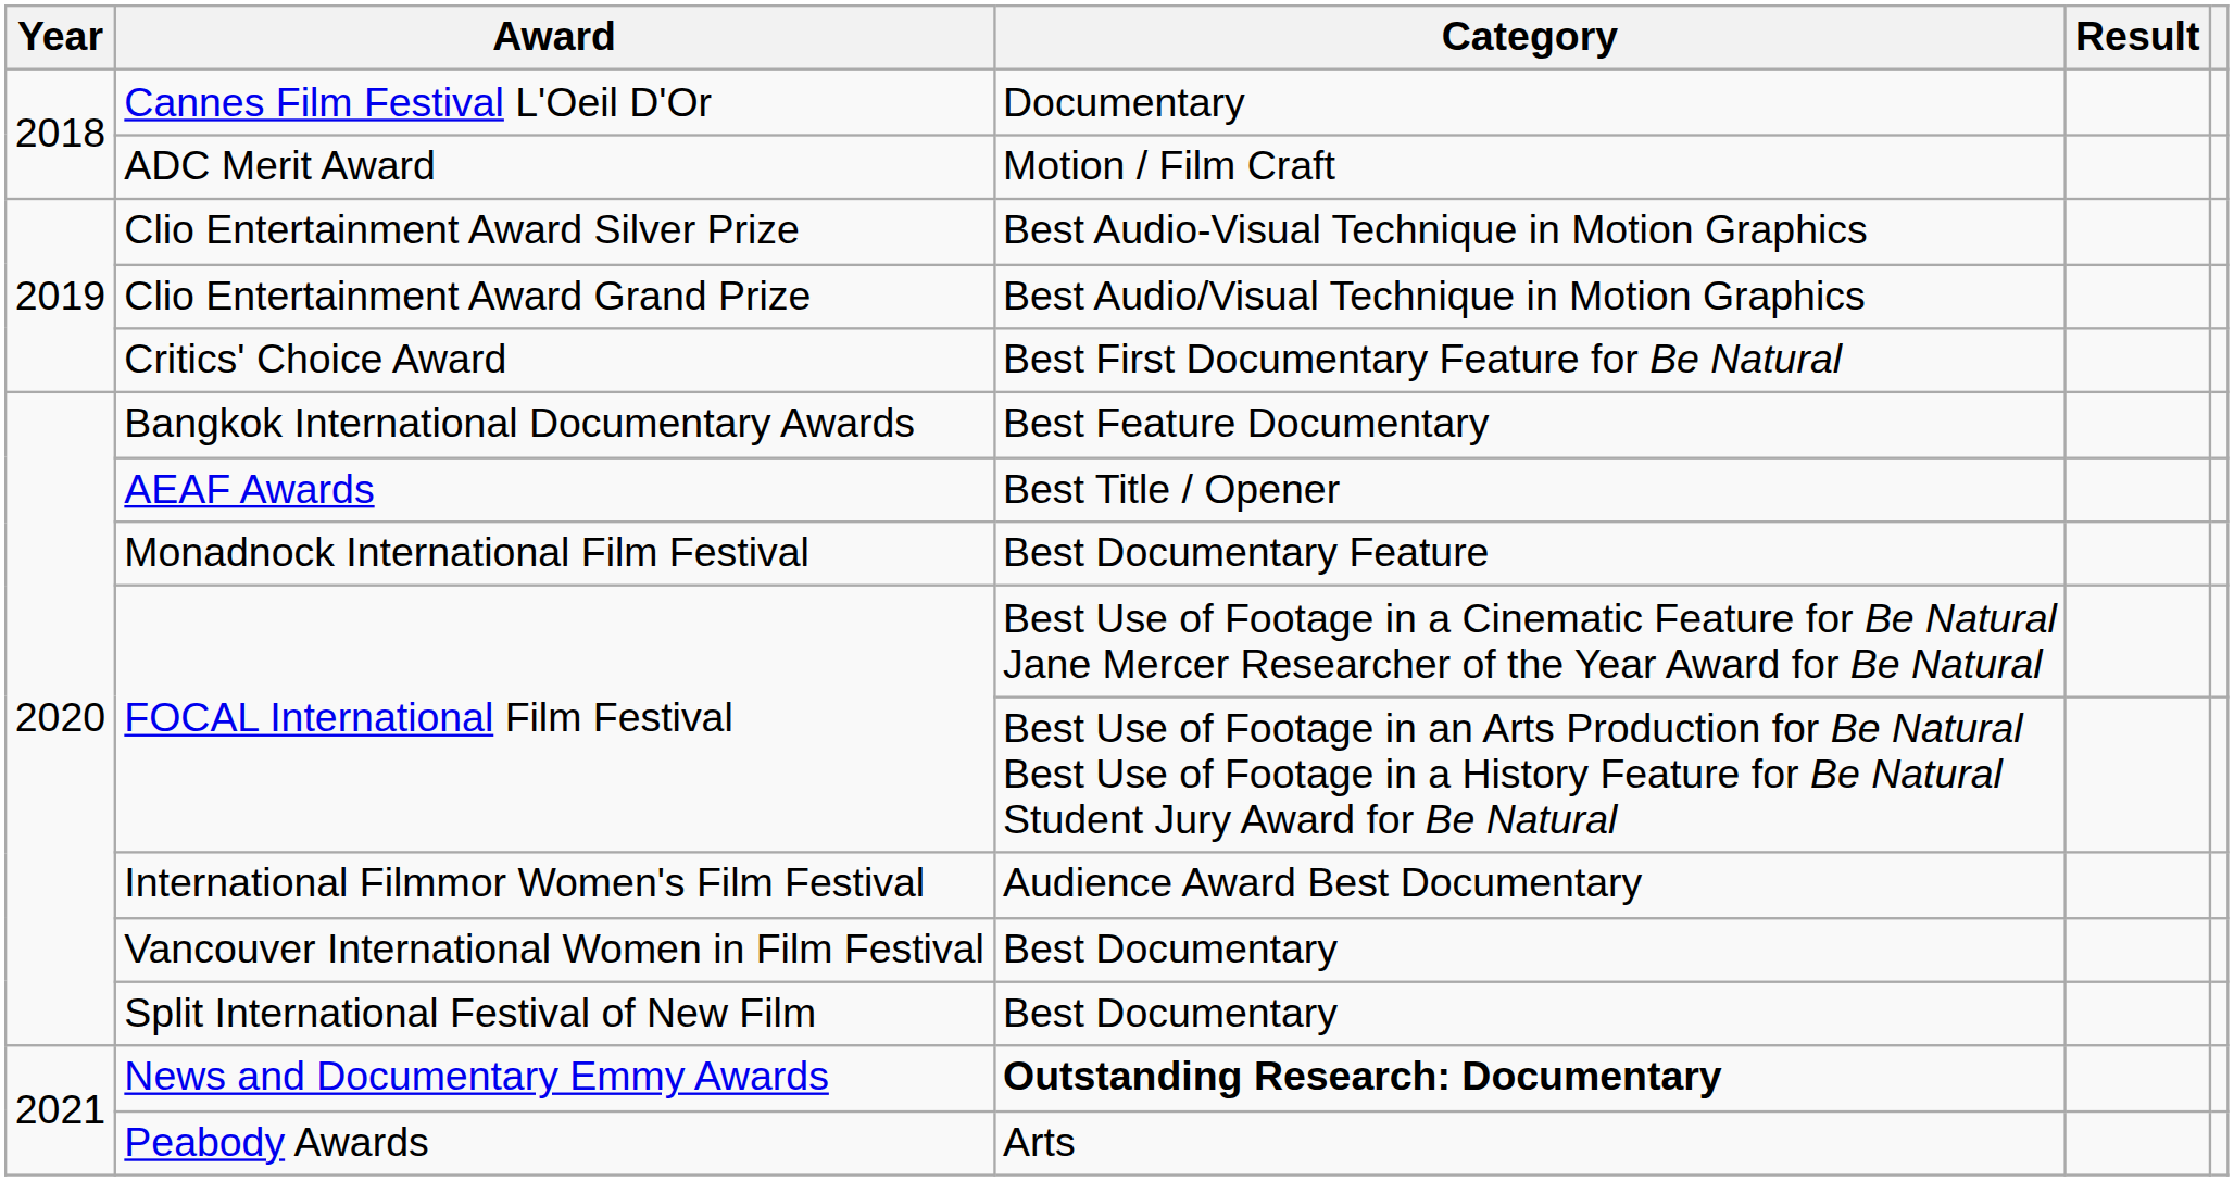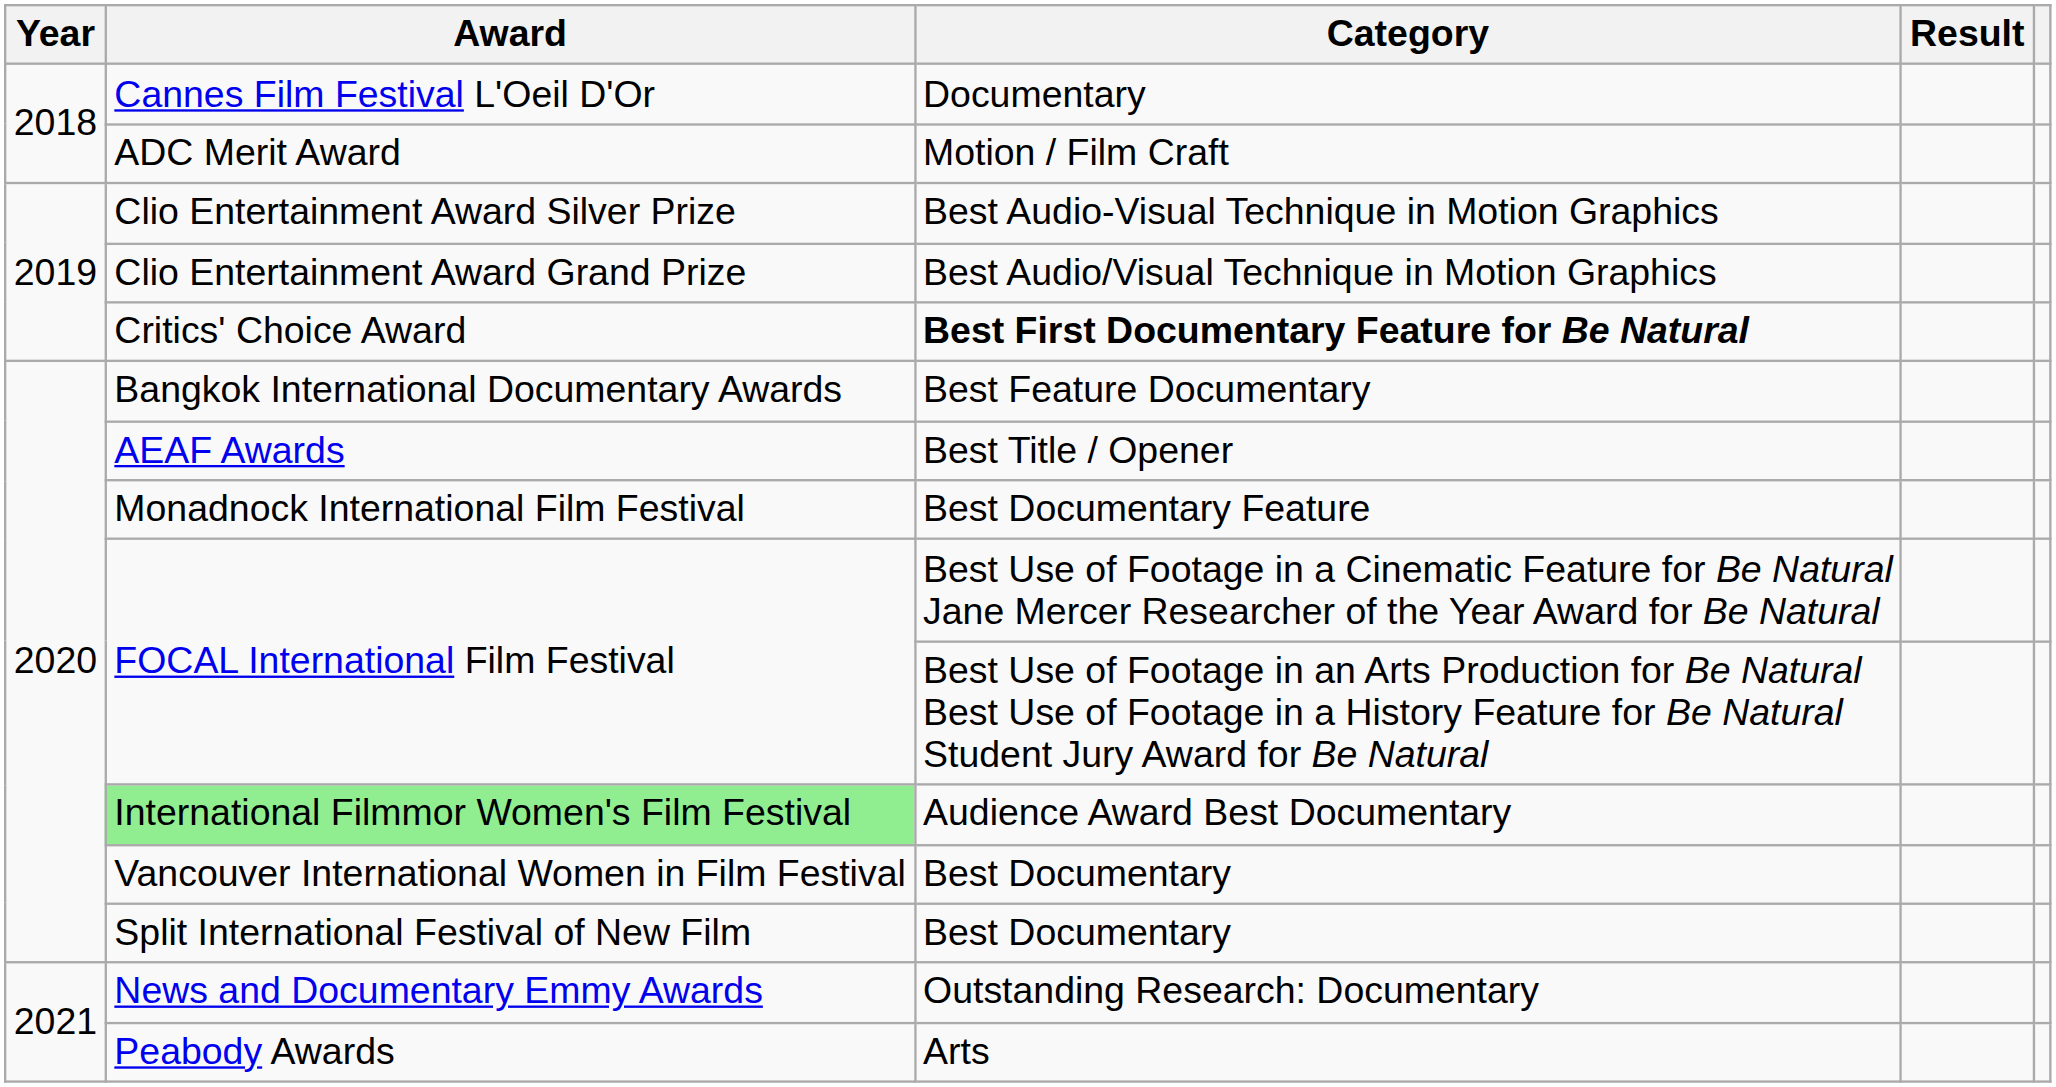 <table class="wikitable sortable">
 <tr>
 <th>Year</th>
 <th>Award</th>
 <th>Category</th>
 <th>Result</th>
 <th></th>
 </tr>
 <tr>
 <td rowspan="2">2018</td>
 <td><a href='#'>Cannes Film Festival</a> L'Oeil D'Or</td>
 <td>Documentary</td>
 <td></td>
 <td></td>
 </tr>
 <tr>
 <td>ADC Merit Award</td>
 <td>Motion / Film Craft</td>
 <td></td>
 <td></td>
 </tr>
 <tr>
 <td rowspan="3">2019</td>
 <td>Clio Entertainment Award Silver Prize</td>
 <td>Best Audio-Visual Technique in Motion Graphics</td>
 <td></td>
 <td></td>
 </tr>
 <tr>
 <td>Clio Entertainment Award Grand Prize</td>
 <td>Best Audio/Visual Technique in Motion Graphics</td>
 <td></td>
 <td></td>
 </tr>
 <tr>
 <td>Critics' Choice Award</td>
-<td>Best First Documentary Feature for <em>Be Natural</em></td>
+<td><strong>Best First Documentary Feature for <em>Be Natural</em></strong></td>
 <td></td>
 <td></td>
 </tr>
 <tr>
 <td rowspan="8">2020</td>
 <td>Bangkok International Documentary Awards</td>
 <td>Best Feature Documentary</td>
 <td></td>
 <td></td>
 </tr>
 <tr>
 <td><a href='#'>AEAF Awards</a></td>
 <td>Best Title / Opener</td>
 <td></td>
 <td></td>
 </tr>
 <tr>
 <td>Monadnock International Film Festival</td>
 <td>Best Documentary Feature</td>
 <td></td>
 <td></td>
 </tr>
 <tr>
 <td rowspan="2"><a href='#'>FOCAL International</a> Film Festival</td>
 <td>Best Use of Footage in a Cinematic Feature for <em>Be Natural</em><br>Jane Mercer Researcher of the Year Award for <em>Be Natural</em></td>
 <td></td>
 <td></td>
 </tr>
 <tr>
 <td>Best Use of Footage in an Arts Production for <em>Be Natural</em><br>Best Use of Footage in a History Feature for <em>Be Natural</em><br>Student Jury Award for <em>Be Natural</em></td>
 <td></td>
 <td></td>
 </tr>
 <tr>
-<td>International Filmmor Women's Film Festival</td>
+<td style="background: lightgreen;">International Filmmor Women's Film Festival</td>
 <td>Audience Award Best Documentary</td>
 <td></td>
 <td></td>
 </tr>
 <tr>
 <td>Vancouver International Women in Film Festival</td>
 <td>Best Documentary</td>
 <td></td>
 <td></td>
 </tr>
 <tr>
 <td>Split International Festival of New Film</td>
 <td>Best Documentary</td>
 <td></td>
 <td></td>
 </tr>
 <tr>
 <td rowspan="2">2021</td>
 <td><a href='#'>News and Documentary Emmy Awards</a></td>
-<td><strong>Outstanding Research: Documentary</strong></td>
+<td>Outstanding Research: Documentary</td>
 <td></td>
 <td></td>
 </tr>
 <tr>
 <td><a href='#'>Peabody</a> Awards</td>
 <td>Arts</td>
 <td></td>
 <td></td>
 </tr>
 </table>
